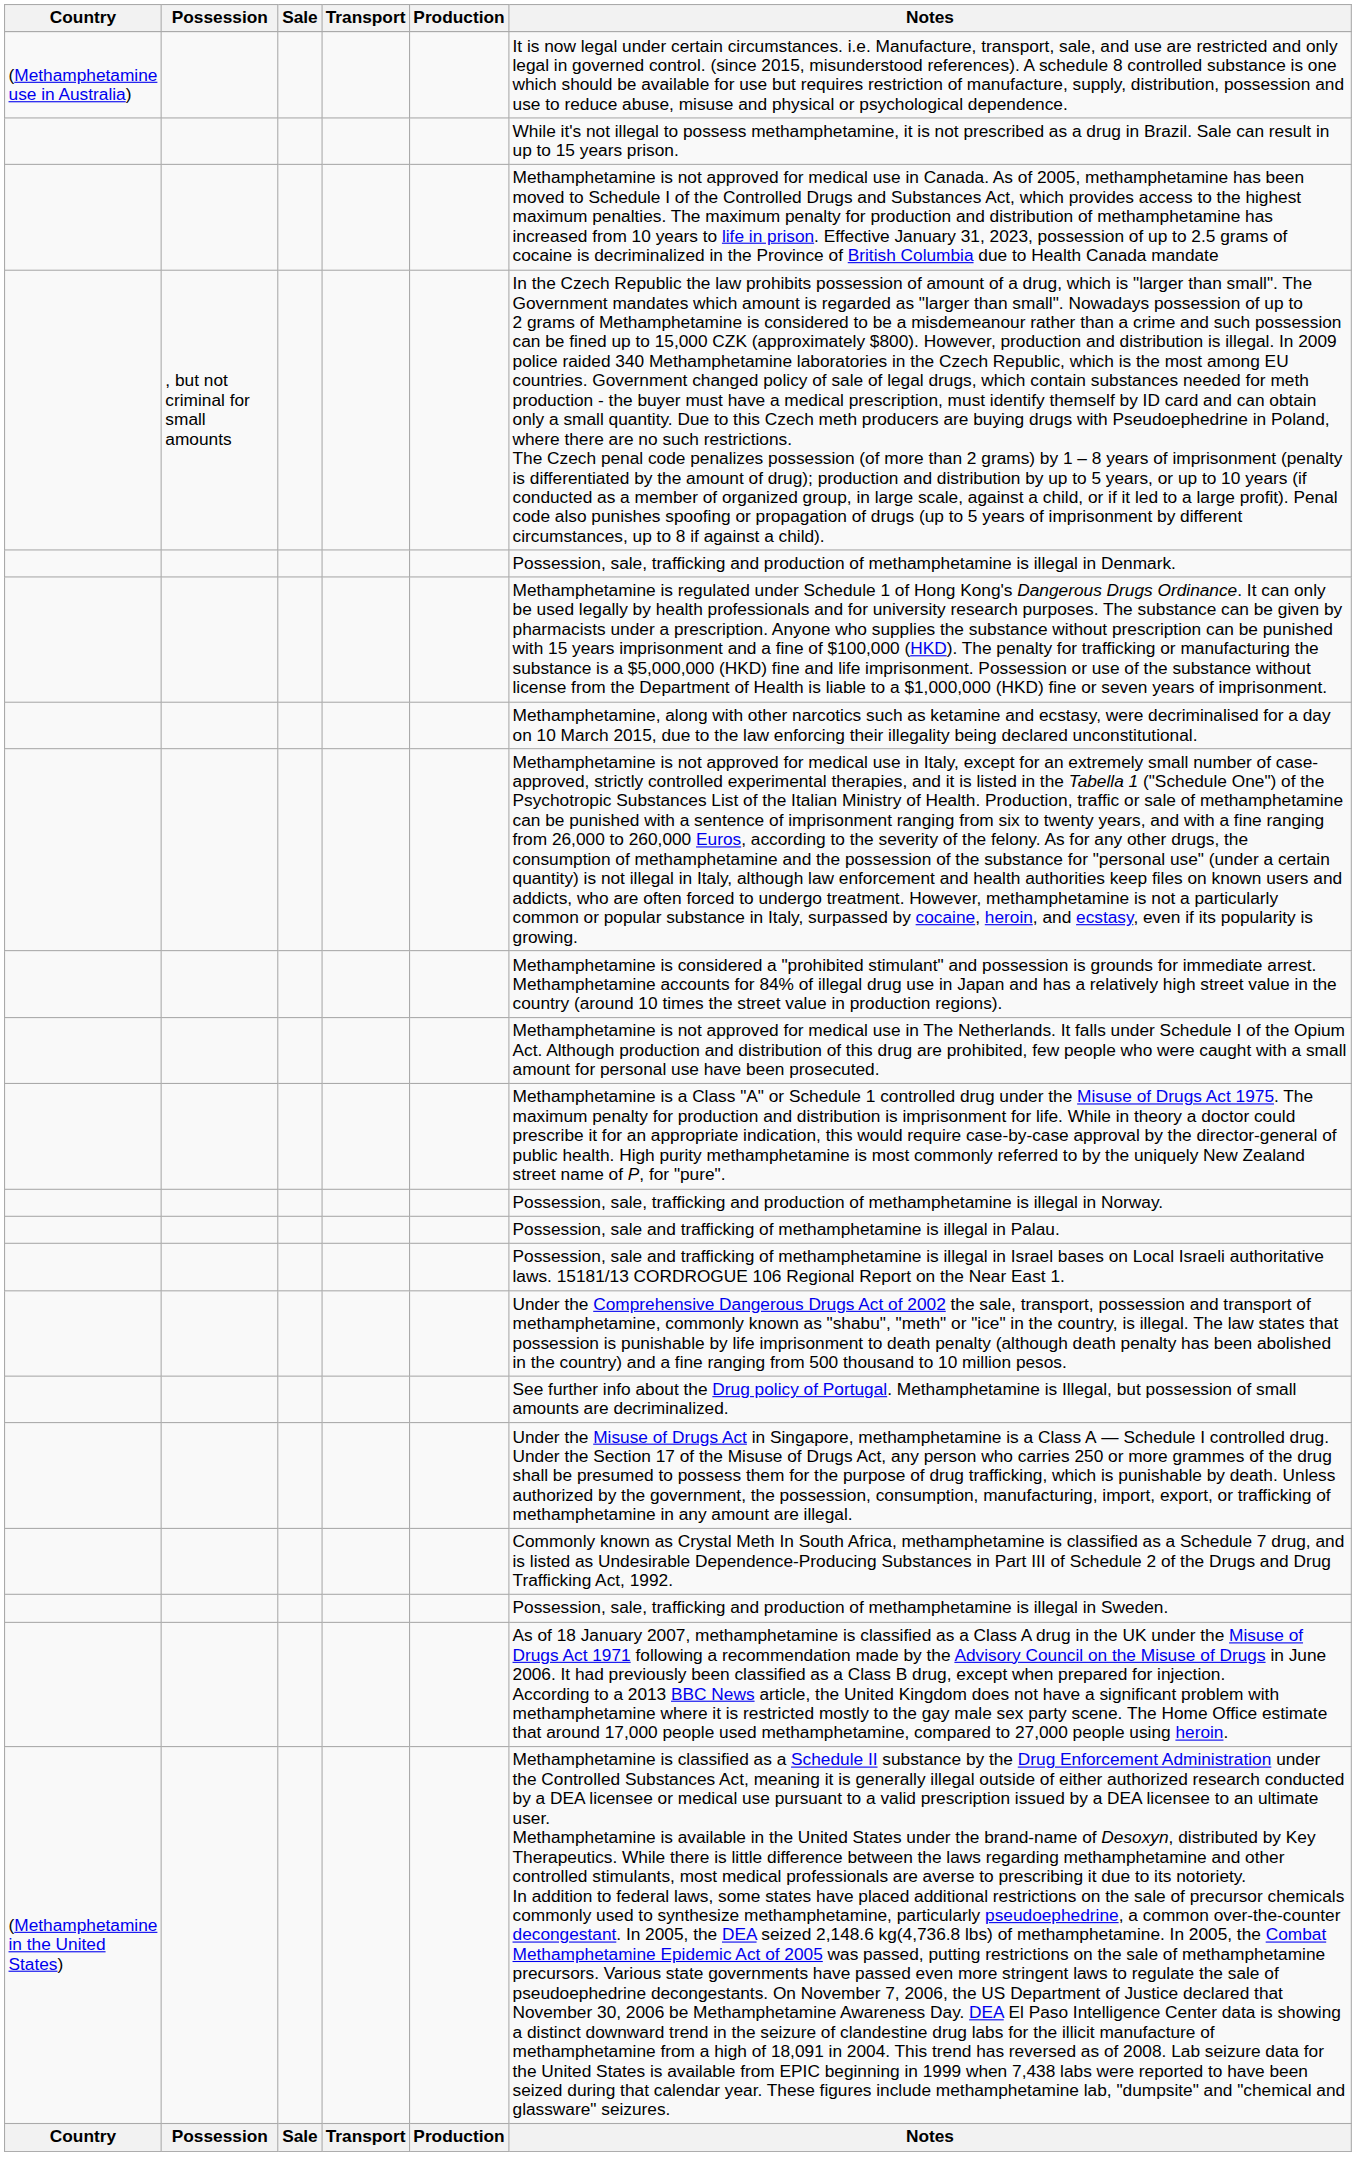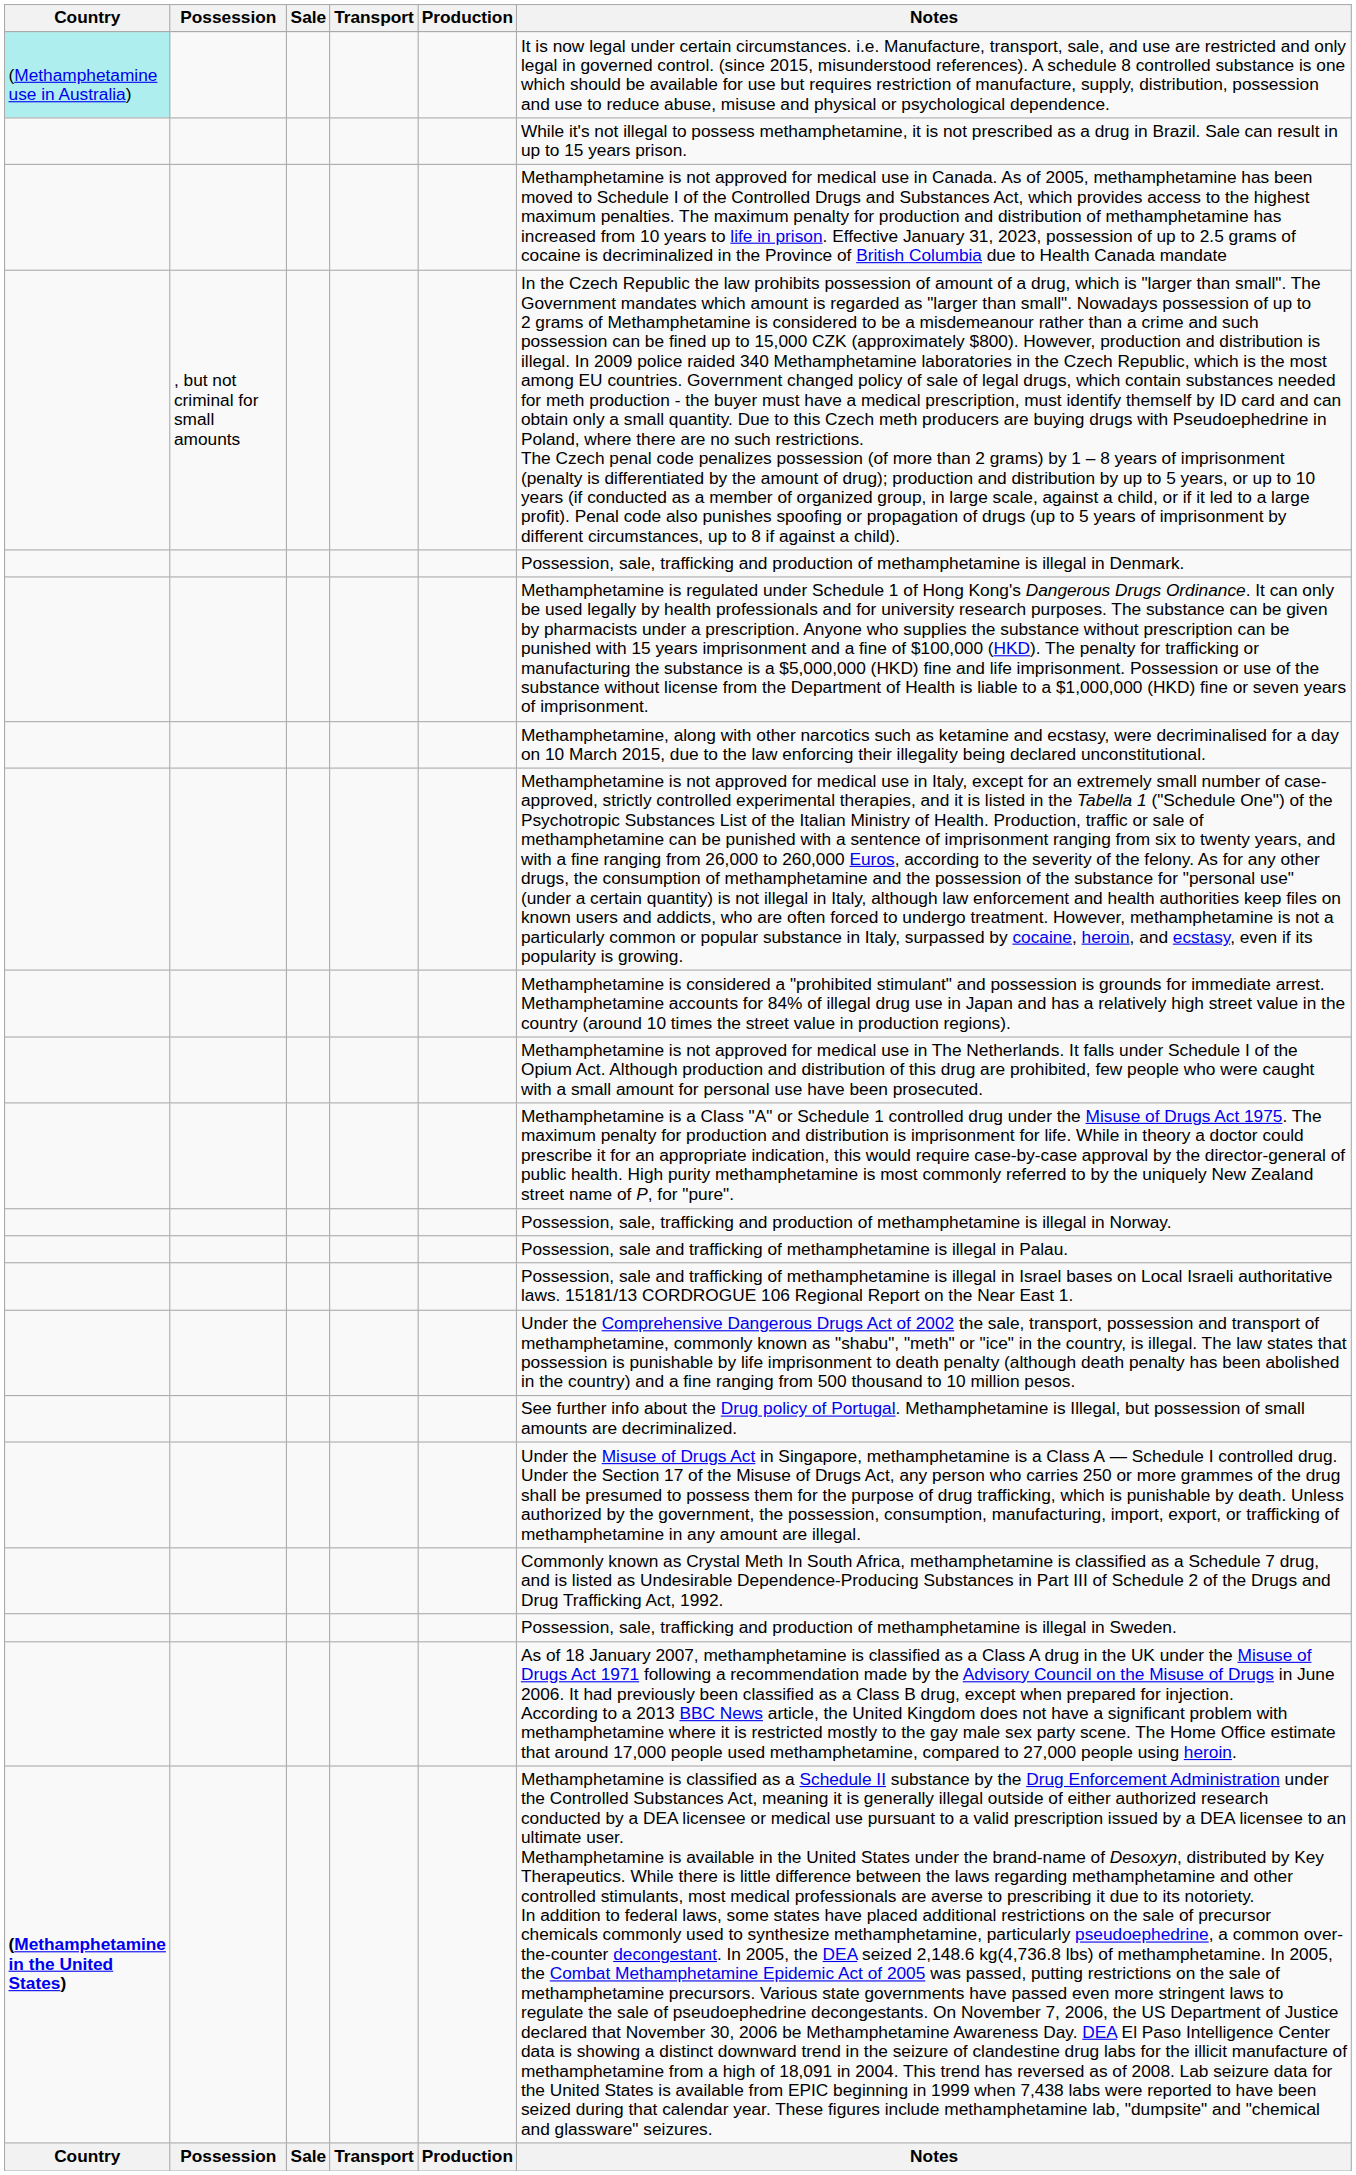 <table class="wikitable sortable" style="text-align:left">
 <tr>
 <th style="width:120px;"><strong>Country</strong></th>
 <th><strong>Possession</strong></th>
 <th><strong>Sale</strong></th>
 <th><strong>Transport</strong></th>
 <th><strong>Production</strong></th>
 <th><strong>Notes</strong></th>
 </tr>
 <tr>
 </tr>
 <tr>
-<td><br>(<a href='#'>Methamphetamine use in Australia</a>)</td>
+<td style="background: paleturquoise;"><br>(<a href='#'>Methamphetamine use in Australia</a>)</td>
 <td></td>
 <td></td>
 <td></td>
 <td></td>
 <td>It is now legal under certain circumstances. i.e. Manufacture, transport, sale, and use are restricted and only legal in governed control. (since 2015, misunderstood references). A schedule 8 controlled substance is one which should be available for use but requires restriction of manufacture, supply, distribution, possession and use to reduce abuse, misuse and physical or psychological dependence.</td>
 </tr>
 <tr>
 <td></td>
 <td></td>
 <td></td>
 <td></td>
 <td></td>
 <td>While it's not illegal to possess methamphetamine, it is not prescribed as a drug in Brazil.  Sale can result in up to 15 years prison.</td>
 </tr>
 <tr>
 <td></td>
 <td></td>
 <td></td>
 <td></td>
 <td></td>
 <td>Methamphetamine is not approved for medical use in Canada. As of 2005, methamphetamine has been moved to Schedule I of the Controlled Drugs and Substances Act, which provides access to the highest maximum penalties. The maximum penalty for production and distribution of methamphetamine has increased from 10 years to <a href='#'>life in prison</a>. Effective January 31, 2023, possession of up to 2.5 grams of cocaine is decriminalized in the Province of <a href='#'>British Columbia</a> due to Health Canada mandate</td>
 </tr>
 <tr>
 <td></td>
 <td>, but not criminal for small amounts</td>
 <td></td>
 <td></td>
 <td></td>
 <td>In the Czech Republic the law prohibits possession of amount of a drug, which is "larger than small". The Government mandates which amount is regarded as "larger than small". Nowadays possession of up to 2 grams of Methamphetamine is considered to be a misdemeanour rather than a crime and such possession can be fined up to 15,000 CZK (approximately $800). However, production and distribution is illegal. In 2009 police raided 340 Methamphetamine laboratories in the Czech Republic, which is the most among EU countries. Government changed policy of sale of legal drugs, which contain substances needed for meth production - the buyer must have a medical prescription, must identify themself by ID card and can obtain only a small quantity. Due to this Czech meth producers are buying drugs with Pseudoephedrine in Poland, where there are no such restrictions.<br>The Czech penal code penalizes possession (of more than 2 grams) by 1 – 8 years of imprisonment (penalty is differentiated by the amount of drug); production and distribution by up to 5 years, or up to 10 years (if conducted as a member of organized group, in large scale, against a child, or if it led to a large profit). Penal code also punishes spoofing or propagation of drugs (up to 5 years of imprisonment by different circumstances, up to 8 if against a child).</td>
 </tr>
 <tr>
 <td></td>
 <td></td>
 <td></td>
 <td></td>
 <td></td>
 <td>Possession, sale, trafficking and production of methamphetamine is illegal in Denmark.</td>
 </tr>
 <tr>
 <td></td>
 <td></td>
 <td></td>
 <td></td>
 <td></td>
 <td>Methamphetamine is regulated under Schedule 1 of Hong Kong's <em>Dangerous Drugs Ordinance</em>. It can only be used legally by health professionals and for university research purposes. The substance can be given by pharmacists under a prescription. Anyone who supplies the substance without prescription can be punished with 15 years imprisonment and a fine of $100,000 (<a href='#'>HKD</a>). The penalty for trafficking or manufacturing the substance is a $5,000,000 (HKD)  fine and life imprisonment. Possession or use of the substance without license from the Department of Health is liable to a $1,000,000 (HKD) fine or seven years of imprisonment.</td>
 </tr>
 <tr>
 <td></td>
 <td></td>
 <td></td>
 <td></td>
 <td></td>
 <td>Methamphetamine, along with other narcotics such as ketamine and ecstasy, were decriminalised for a day on 10 March 2015, due to the law enforcing their illegality being declared unconstitutional.</td>
 </tr>
 <tr>
 <td></td>
 <td></td>
 <td></td>
 <td></td>
 <td></td>
 <td>Methamphetamine is not approved for medical use in Italy, except for an extremely small number of case-approved, strictly controlled experimental therapies, and it is listed in the <em>Tabella 1</em> ("Schedule One") of the Psychotropic Substances List of the Italian Ministry of Health. Production, traffic or sale of methamphetamine can be punished with a sentence of imprisonment ranging from six to twenty years, and with a fine ranging from 26,000 to 260,000 <a href='#'>Euros</a>, according to the severity of the felony. As for any other drugs, the consumption of methamphetamine and the possession of the substance for "personal use" (under a certain quantity) is not illegal in Italy, although law enforcement and health authorities keep files on known users and addicts, who are often forced to undergo treatment. However, methamphetamine is not a particularly common or popular substance in Italy, surpassed by <a href='#'>cocaine</a>, <a href='#'>heroin</a>, and <a href='#'>ecstasy</a>, even if its popularity is growing.</td>
 </tr>
 <tr>
 <td></td>
 <td></td>
 <td></td>
 <td></td>
 <td></td>
 <td>Methamphetamine is considered a "prohibited stimulant" and possession is grounds for immediate arrest. Methamphetamine accounts for 84% of illegal drug use in Japan and has a relatively high street value in the country (around 10 times the street value in production regions).</td>
 </tr>
 <tr>
 <td></td>
 <td></td>
 <td></td>
 <td></td>
 <td></td>
 <td>Methamphetamine is not approved for medical use in The Netherlands. It falls under Schedule I of the Opium Act. Although production and distribution of this drug are prohibited, few people who were caught with a small amount for personal use have been prosecuted.</td>
 </tr>
 <tr>
 <td></td>
 <td></td>
 <td></td>
 <td></td>
 <td></td>
 <td>Methamphetamine is a Class "A" or Schedule 1 controlled drug under the <a href='#'>Misuse of Drugs Act 1975</a>. The maximum penalty for production and distribution is imprisonment for life. While in theory a doctor could prescribe it for an appropriate indication, this would require case-by-case approval by the director-general of public health. High purity methamphetamine is most commonly referred to by the uniquely New Zealand street name of <em>P</em>, for "pure".</td>
 </tr>
 <tr>
 <td></td>
 <td></td>
 <td></td>
 <td></td>
 <td></td>
 <td>Possession, sale, trafficking and production of methamphetamine is illegal in Norway.</td>
 </tr>
 <tr>
 <td></td>
 <td></td>
 <td></td>
 <td></td>
 <td></td>
 <td>Possession, sale and trafficking of methamphetamine is illegal in Palau.</td>
 </tr>
 <tr>
 <td></td>
 <td></td>
 <td></td>
 <td></td>
 <td></td>
 <td>Possession, sale and trafficking of methamphetamine is illegal in Israel bases on Local Israeli authoritative laws. 15181/13 CORDROGUE 106 Regional Report on the Near East 1.</td>
 </tr>
 <tr>
 <td></td>
 <td></td>
 <td></td>
 <td></td>
 <td></td>
 <td>Under the <a href='#'>Comprehensive Dangerous Drugs Act of 2002</a> the sale, transport, possession and transport of methamphetamine, commonly known as "shabu", "meth" or "ice" in the country, is illegal. The law states that possession is punishable by life imprisonment to death penalty (although death penalty has been abolished in the country) and a fine ranging from 500 thousand to 10 million pesos.</td>
 </tr>
 <tr>
 <td></td>
 <td></td>
 <td></td>
 <td></td>
 <td></td>
 <td>See further info about the <a href='#'>Drug policy of Portugal</a>. Methamphetamine is Illegal, but possession of small amounts are decriminalized.</td>
 </tr>
 <tr>
 <td></td>
 <td></td>
 <td></td>
 <td></td>
 <td></td>
 <td>Under the <a href='#'>Misuse of Drugs Act</a> in Singapore, methamphetamine is a Class A — Schedule I controlled drug. Under the Section 17 of the Misuse of Drugs Act, any person who carries 250 or more grammes of the drug shall be presumed to possess them for the purpose of drug trafficking, which is punishable by death. Unless authorized by the government, the possession, consumption, manufacturing, import, export, or trafficking of methamphetamine in any amount are illegal.</td>
 </tr>
 <tr>
 <td></td>
 <td></td>
 <td></td>
 <td></td>
 <td></td>
 <td>Commonly known as Crystal Meth In South Africa, methamphetamine is classified as a Schedule 7 drug, and is listed as Undesirable Dependence-Producing Substances in Part III of Schedule 2 of the Drugs and Drug Trafficking Act, 1992.</td>
 </tr>
 <tr>
 <td></td>
 <td></td>
 <td></td>
 <td></td>
 <td></td>
 <td>Possession, sale, trafficking and production of methamphetamine is illegal in Sweden.</td>
 </tr>
 <tr>
 <td></td>
 <td></td>
 <td></td>
 <td></td>
 <td></td>
 <td>As of 18 January 2007, methamphetamine is classified as a Class A drug in the UK under the <a href='#'>Misuse of Drugs Act 1971</a> following a recommendation made by the <a href='#'>Advisory Council on the Misuse of Drugs</a> in June 2006. It had previously been classified as a Class B drug, except when prepared for injection.<br>According to a 2013 <a href='#'>BBC News</a> article, the United Kingdom does not have a significant problem with methamphetamine where it is restricted mostly to the gay male sex party scene. The Home Office estimate that around 17,000 people used methamphetamine, compared to 27,000 people using <a href='#'>heroin</a>.</td>
 </tr>
 <tr>
-<td><br>(<a href='#'>Methamphetamine in the United States</a>)</td>
+<td><strong><br>(<a href='#'>Methamphetamine in the United States</a>)</strong></td>
 <td></td>
 <td></td>
 <td></td>
 <td></td>
 <td>Methamphetamine is classified as a <a href='#'>Schedule II</a> substance by the <a href='#'>Drug Enforcement Administration</a> under the Controlled Substances Act, meaning it is generally illegal outside of either authorized research conducted by a DEA licensee or medical use pursuant to a valid prescription issued by a DEA licensee to an ultimate user.<br>Methamphetamine is available in the United States under the brand-name of <em>Desoxyn</em>, distributed by Key Therapeutics. While there is little difference between the laws regarding methamphetamine and other controlled stimulants, most medical professionals are averse to prescribing it due to its notoriety.<br>In addition to federal laws, some states have placed additional restrictions on the sale of precursor chemicals commonly used to synthesize methamphetamine, particularly <a href='#'>pseudoephedrine</a>, a common over-the-counter <a href='#'>decongestant</a>. In 2005, the <a href='#'>DEA</a> seized 2,148.6 kg(4,736.8 lbs) of methamphetamine. In 2005, the <a href='#'>Combat Methamphetamine Epidemic Act of 2005</a> was passed, putting restrictions on the sale of methamphetamine precursors. Various state governments have passed even more stringent laws to regulate the sale of pseudoephedrine decongestants. On November 7, 2006, the US Department of Justice declared that November 30, 2006 be Methamphetamine Awareness Day. <a href='#'>DEA</a> El Paso Intelligence Center data is showing a distinct downward trend in the seizure of clandestine drug labs for the illicit manufacture of methamphetamine from a high of 18,091 in 2004. This trend has reversed as of 2008. Lab seizure data for the United States is available from EPIC beginning in 1999 when 7,438 labs were reported to have been seized during that calendar year. These figures include methamphetamine lab, "dumpsite" and "chemical and glassware" seizures.</td>
 </tr>
 <tr>
 <th><strong>Country</strong></th>
 <th><strong>Possession</strong></th>
 <th><strong>Sale</strong></th>
 <th><strong>Transport</strong></th>
 <th><strong>Production</strong></th>
 <th><strong>Notes</strong></th>
 </tr>
 </table>
